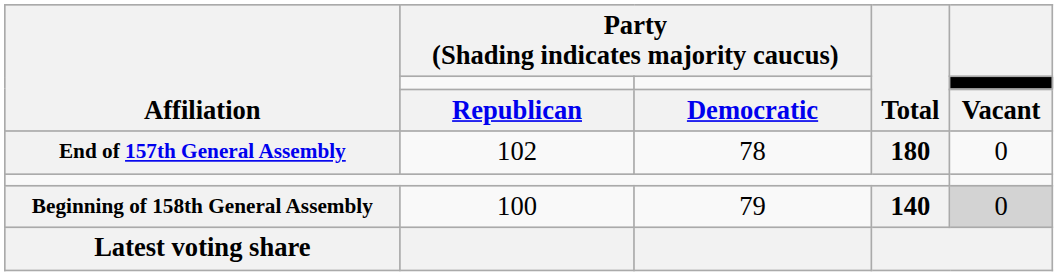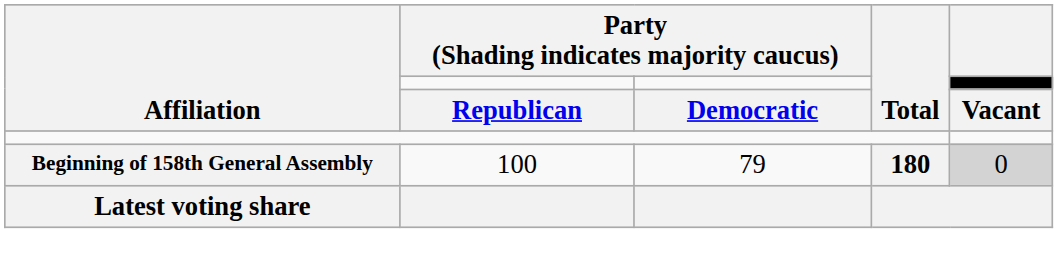 <table class=wikitable style="text-align:center; width:50%">
 <tr style="vertical-align:bottom;">
 <th rowspan=3>Affiliation</th>
 <th colspan="2">Party <div>(Shading indicates majority caucus)</div></th>
 <th rowspan=3>Total</th>
 <th></th>
 </tr>
 <tr style="height:5px">
 <td style="background-color:"></td>
 <td style="background-color:"></td>
 <td style="background-color:black"></td>
 </tr>
 <tr>
 <th><a href='#'>Republican</a></th>
 <th><a href='#'>Democratic</a></th>
 <th>Vacant</th>
 </tr>
 <tr>
-<th nowrap style="font-size:80%">End of <a href='#'>157th General Assembly</a></th>
-<td>102</td>
-<td>78</td>
-<th>180</th>
-<td>0</td>
-</tr>
-<tr>
 <td colspan="4"></td>
 </tr>
 <tr>
 <th nowrap style="font-size:80%">Beginning of 158th General Assembly</th>
 <td>100</td>
 <td>79</td>
-<th>140</th>
+<th>180</th>
 <td style="background: lightgrey;">0</td>
 </tr>
 <tr>
 <th>Latest voting share</th>
 <th colspan=1 ></th>
 <th></th>
 <th colspan=2></th>
 </tr>
 </table>
